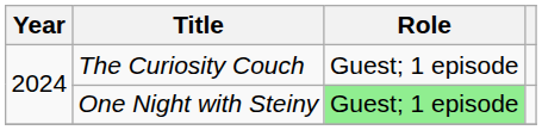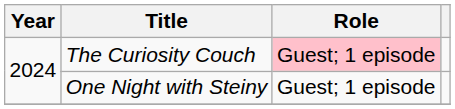 <table class="wikitable plainrowheaders sortable">
 <tr>
 <th>Year</th>
 <th>Title</th>
 <th>Role</th>
 <th class="unsortable"></th>
 </tr>
 <tr>
 <td rowspan=2>2024</td>
 <td><em>The Curiosity Couch</em></td>
-<td>Guest; 1 episode</td>
+<td style="background: pink;">Guest; 1 episode</td>
 <td align="center"></td>
 </tr>
 <tr>
 <td><em>One Night with Steiny</em></td>
-<td style="background: lightgreen;">Guest; 1 episode</td>
+<td>Guest; 1 episode</td>
 <td align="center"></td>
 </tr>
 <tr>
 </tr>
 </table>
